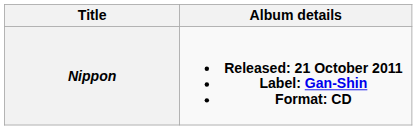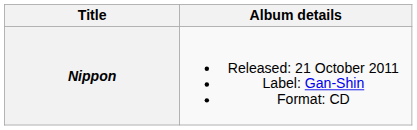 <table class="wikitable plainrowheaders" style="text-align:center;" border="1">
 <tr>
 <th scope="col" style="width:12em;">Title</th>
 <th scope="col" style="width:16em;">Album details</th>
 </tr>
 <tr>
 <th scope="row"><em>Nippon</em></th>
-<td><strong><br><ul><li>Released: 21 October 2011</li><li>Label: <a href='#'>Gan-Shin</a></li><li>Format: CD</li></ul></strong></td>
+<td><br><ul><li>Released: 21 October 2011</li><li>Label: <a href='#'>Gan-Shin</a></li><li>Format: CD</li></ul></td>
 </tr>
 </table>
